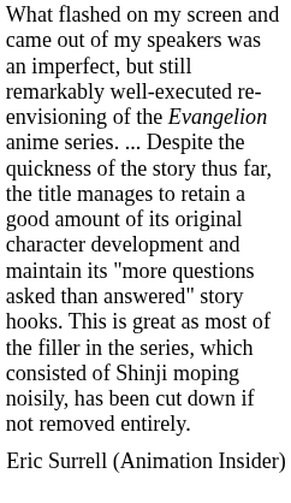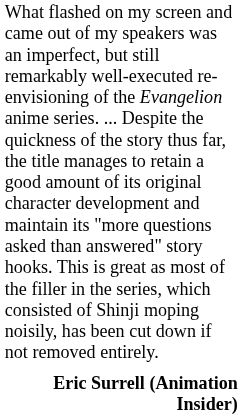 <table class="toccolours" style="float: right; margin-left: 1em; margin-right: 2em; font-size: 85%; background:#white; color:black; width:30em; max-width: 30%;" cellspacing="5">
 <tr>
 <td style="text-align: left;">What flashed on my screen and came out of my speakers was an imperfect, but still remarkably well-executed re-envisioning of the <em>Evangelion</em> anime series. ... Despite the quickness of the story thus far, the title manages to retain a good amount of its original character development and maintain its "more questions asked than answered" story hooks. This is great as most of the filler in the series, which consisted of Shinji moping noisily, has been cut down if not removed entirely.</td>
 </tr>
 <tr>
-<td style="text-align: right;">Eric Surrell (Animation Insider)</td>
+<td style="text-align: right;"><strong>Eric Surrell (Animation Insider)</strong></td>
 </tr>
 </table>
